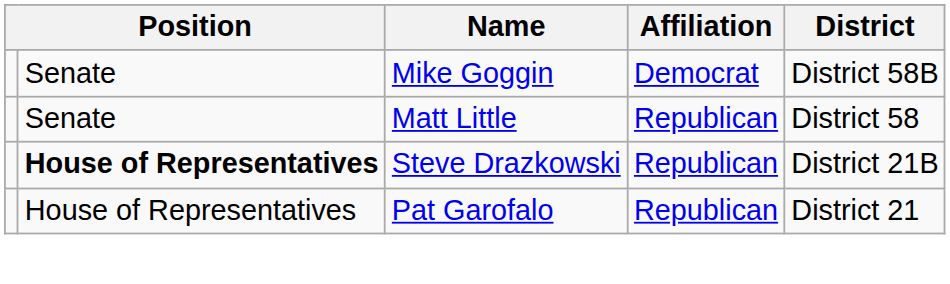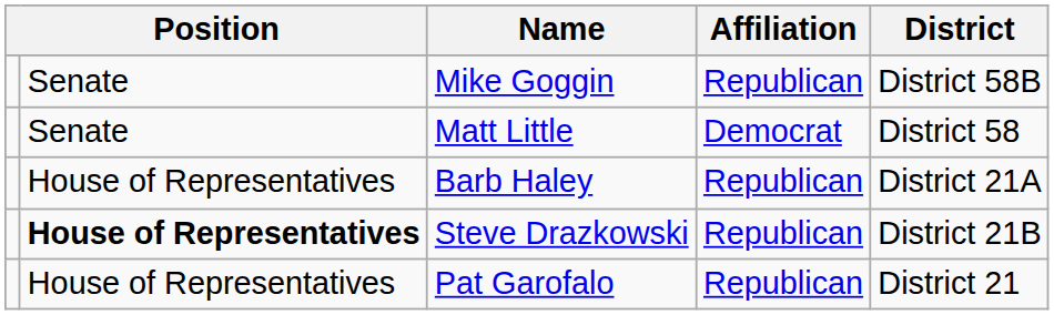 <table class="wikitable">
 <tr>
 <th colspan="2">Position</th>
 <th>Name</th>
 <th>Affiliation</th>
 <th>District</th>
 </tr>
 <tr>
 <td style="background-color:"></td>
 <td>Senate</td>
 <td><a href='#'>Mike Goggin</a></td>
-<td><a href='#'>Democrat</a></td>
+<td><a href='#'>Republican</a></td>
 <td>District 58B</td>
 </tr>
 <tr>
 <td style="background-color:"></td>
 <td>Senate</td>
 <td><a href='#'>Matt Little</a></td>
+<td><a href='#'>Democrat</a></td>
+<td>District 58</td>
+</tr>
+<tr>
+<td style="background-color:"></td>
+<td>House of Representatives</td>
+<td><a href='#'>Barb Haley</a></td>
 <td><a href='#'>Republican</a></td>
-<td>District 58</td>
+<td>District 21A</td>
 </tr>
 <tr>
 <td style="background-color:"></td>
 <td><strong>House of Representatives</strong></td>
 <td><a href='#'>Steve Drazkowski</a></td>
 <td><a href='#'>Republican</a></td>
 <td>District 21B</td>
 </tr>
 <tr>
 <td style="background-color:"></td>
 <td>House of Representatives</td>
 <td><a href='#'>Pat Garofalo</a></td>
 <td><a href='#'>Republican</a></td>
 <td>District 21</td>
 </tr>
 </table>
